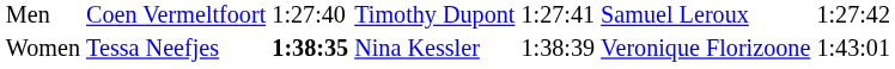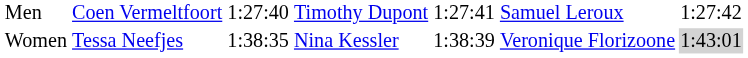 <table>
 <tr>
 <td align="left">Men</td>
 <td> <a href='#'>Coen Vermeltfoort</a></td>
 <td>1:27:40</td>
 <td> <a href='#'>Timothy Dupont</a></td>
 <td>1:27:41</td>
 <td> <a href='#'>Samuel Leroux</a></td>
 <td>1:27:42</td>
 </tr>
 <tr>
 <td align="left">Women</td>
 <td> <a href='#'>Tessa Neefjes</a></td>
-<td><strong>1:38:35</strong></td>
+<td>1:38:35</td>
 <td> <a href='#'>Nina Kessler</a></td>
 <td>1:38:39</td>
 <td> <a href='#'>Veronique Florizoone</a></td>
-<td>1:43:01</td>
+<td style="background: lightgrey;">1:43:01</td>
 </tr>
 </table>
